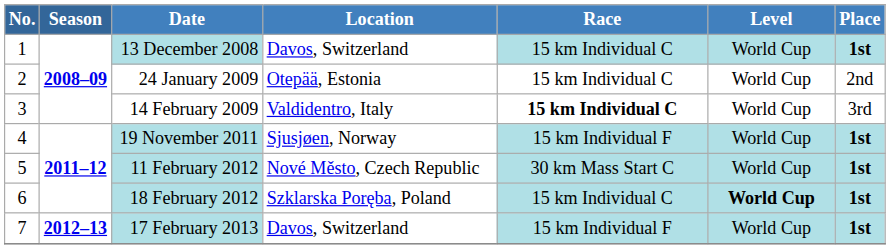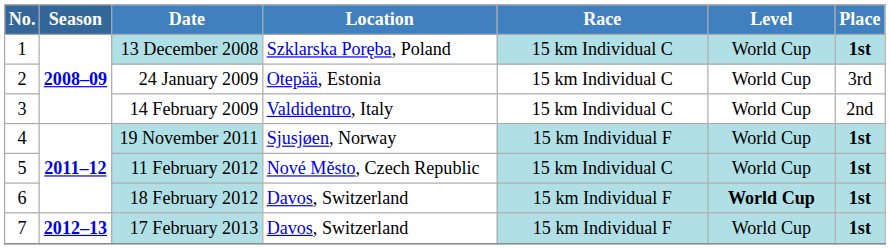 <table class="wikitable sortable" style="font-size:95%; text-align:center; border:grey solid 1px; border-collapse:collapse; background:#ffffff;">
 <tr style="background:#efefef;">
 <th style="background-color:#369; color:white;">No.</th>
 <th style="background-color:#369; color:white;">Season</th>
 <th style="background-color:#4180be; color:white; width:120px;">Date</th>
 <th style="background-color:#4180be; color:white; width:190px;">Location</th>
 <th style="background-color:#4180be; color:white; width:170px;">Race</th>
 <th style="background-color:#4180be; color:white; width:100px;">Level</th>
 <th style="background-color:#4180be; color:white;">Place</th>
 </tr>
 <tr>
 <td align=center>1</td>
 <td rowspan=3 align=center><strong><a href='#'>2008–09</a></strong></td>
 <td bgcolor="#BOEOE6" align=right>13 December 2008</td>
-<td align=left> <a href='#'>Davos</a>, Switzerland</td>
+<td align=left> <a href='#'>Szklarska Poręba</a>, Poland</td>
 <td bgcolor="#BOEOE6">15 km Individual C</td>
 <td bgcolor="#BOEOE6">World Cup</td>
 <td bgcolor="#BOEOE6"><strong>1st</strong></td>
 </tr>
 <tr>
 <td align=center>2</td>
 <td align=right>24 January 2009</td>
 <td align=left> <a href='#'>Otepää</a>, Estonia</td>
 <td>15 km Individual C</td>
 <td>World Cup</td>
-<td>2nd</td>
+<td>3rd</td>
 </tr>
 <tr>
 <td align=center>3</td>
 <td align=right>14 February 2009</td>
 <td align=left> <a href='#'>Valdidentro</a>, Italy</td>
-<td><strong>15 km Individual C</strong></td>
+<td>15 km Individual C</td>
 <td>World Cup</td>
-<td>3rd</td>
+<td>2nd</td>
 </tr>
 <tr>
 <td align=center>4</td>
 <td rowspan=3 align=center><strong><a href='#'>2011–12</a></strong></td>
 <td bgcolor="#BOEOE6" align=right>19 November 2011</td>
 <td align=left> <a href='#'>Sjusjøen</a>, Norway</td>
 <td bgcolor="#BOEOE6">15 km Individual F</td>
 <td bgcolor="#BOEOE6">World Cup</td>
 <td bgcolor="#BOEOE6"><strong>1st</strong></td>
 </tr>
 <tr>
 <td align=center>5</td>
 <td bgcolor="#BOEOE6" align=right>11 February 2012</td>
 <td align=left> <a href='#'>Nové Město</a>, Czech Republic</td>
-<td bgcolor="#BOEOE6" align=center>30 km Mass Start C</td>
+<td bgcolor="#BOEOE6">15 km Individual C</td>
 <td bgcolor="#BOEOE6">World Cup</td>
 <td bgcolor="#BOEOE6"><strong>1st</strong></td>
 </tr>
 <tr>
 <td align=center>6</td>
 <td bgcolor="#BOEOE6" align=right>18 February 2012</td>
-<td align=left> <a href='#'>Szklarska Poręba</a>, Poland</td>
-<td bgcolor="#BOEOE6" align=center>15 km Individual C</td>
+<td align=left> <a href='#'>Davos</a>, Switzerland</td>
+<td bgcolor="#BOEOE6">15 km Individual F</td>
 <td bgcolor="#BOEOE6"><strong>World Cup</strong></td>
 <td bgcolor="#BOEOE6"><strong>1st</strong></td>
 </tr>
 <tr>
 <td align=center>7</td>
 <td rowspan=1 align=center><strong><a href='#'>2012–13</a></strong></td>
 <td bgcolor="#BOEOE6" align=right>17 February 2013</td>
 <td align=left> <a href='#'>Davos</a>, Switzerland</td>
 <td bgcolor="#BOEOE6">15 km Individual F</td>
 <td bgcolor="#BOEOE6">World Cup</td>
 <td bgcolor="#BOEOE6"><strong>1st</strong></td>
 </tr>
 <tr>
 </tr>
 </table>
